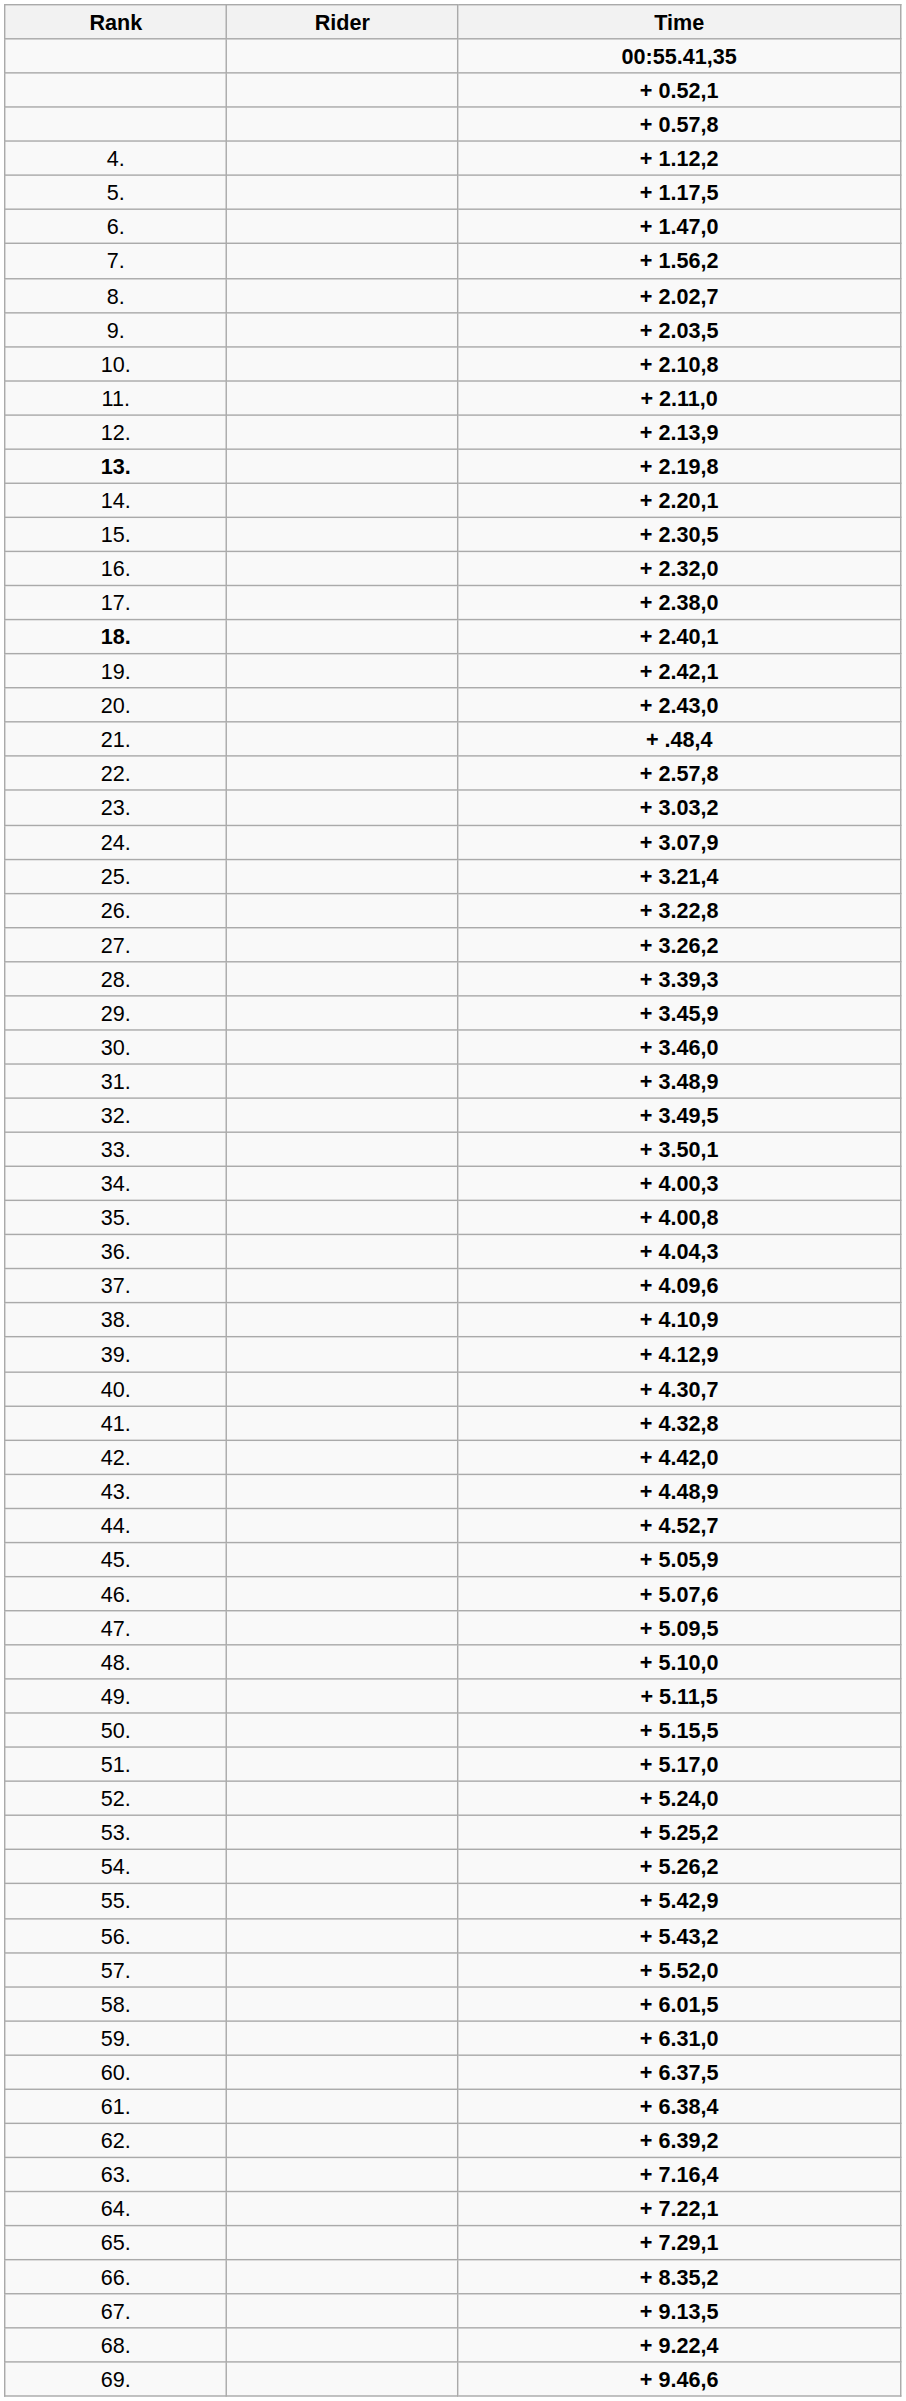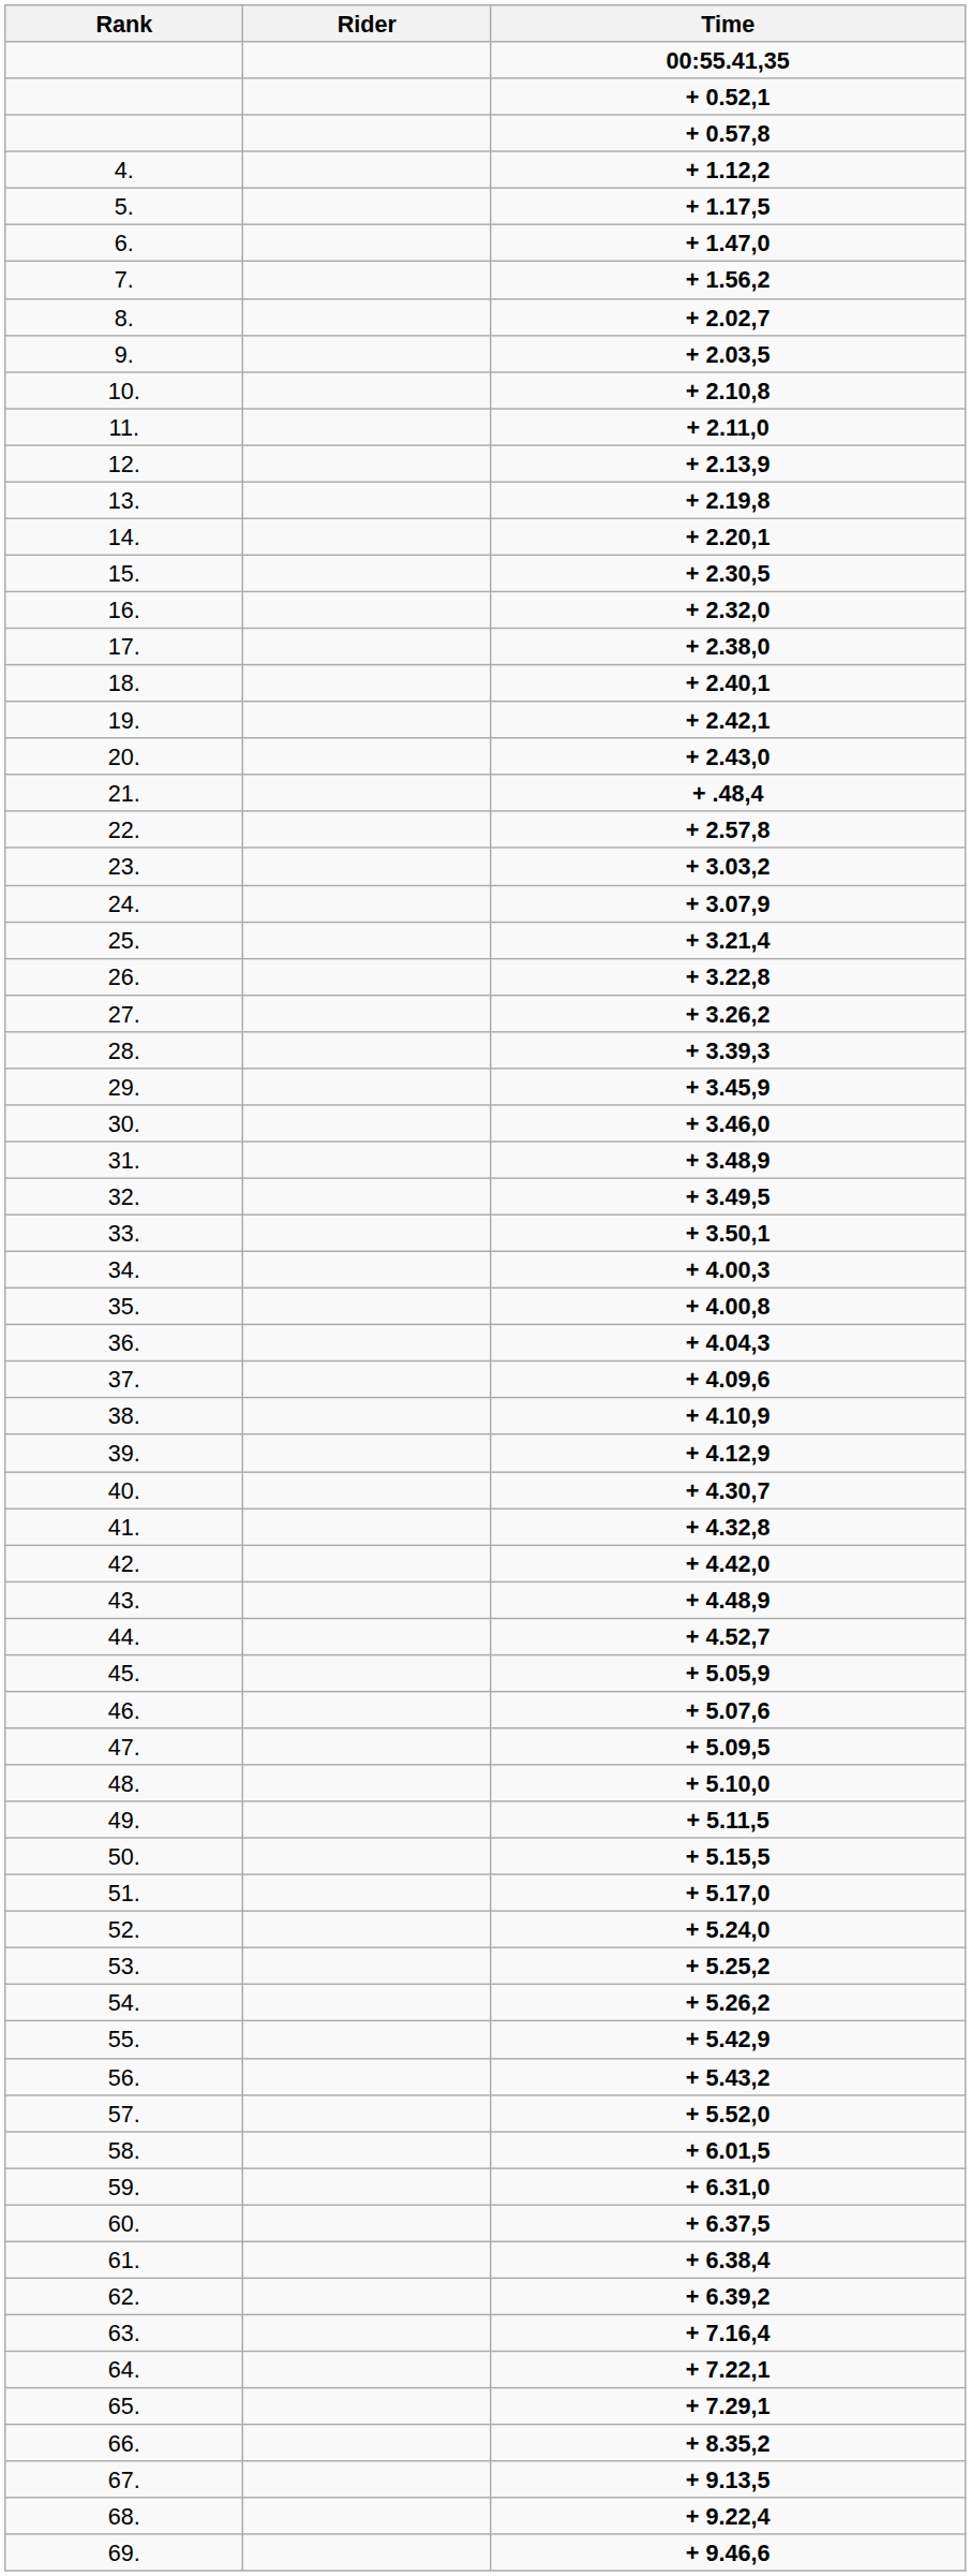 <table class=wikitable style="font-size:95%" width="50%">
 <tr>
 <th>Rank</th>
 <th>Rider</th>
 <th>Time</th>
 </tr>
 <tr>
 <td align="center"></td>
 <td></td>
 <td align="center"><strong>00:55.41,35</strong></td>
 </tr>
 <tr>
 <td align="center"></td>
 <td></td>
 <td align="center"><strong>+ 0.52,1</strong></td>
 </tr>
 <tr>
 <td align="center"></td>
 <td></td>
 <td align="center"><strong>+ 0.57,8</strong></td>
 </tr>
 <tr>
 <td align="center">4.</td>
 <td></td>
 <td align="center"><strong>+ 1.12,2</strong></td>
 </tr>
 <tr>
 <td align="center">5.</td>
 <td></td>
 <td align="center"><strong>+ 1.17,5</strong></td>
 </tr>
 <tr>
 <td align="center">6.</td>
 <td></td>
 <td align="center"><strong>+ 1.47,0</strong></td>
 </tr>
 <tr>
 <td align="center">7.</td>
 <td></td>
 <td align="center"><strong>+ 1.56,2</strong></td>
 </tr>
 <tr>
 <td align="center">8.</td>
 <td></td>
 <td align="center"><strong>+ 2.02,7</strong></td>
 </tr>
 <tr>
 <td align="center">9.</td>
 <td></td>
 <td align="center"><strong>+ 2.03,5</strong></td>
 </tr>
 <tr>
 <td align="center">10.</td>
 <td></td>
 <td align="center"><strong>+ 2.10,8</strong></td>
 </tr>
 <tr>
 <td align="center">11.</td>
 <td></td>
 <td align="center"><strong>+ 2.11,0</strong></td>
 </tr>
 <tr>
 <td align="center">12.</td>
 <td></td>
 <td align="center"><strong>+ 2.13,9</strong></td>
 </tr>
 <tr>
-<td align="center"><strong>13.</strong></td>
+<td align="center">13.</td>
 <td></td>
 <td align="center"><strong>+ 2.19,8</strong></td>
 </tr>
 <tr>
 <td align="center">14.</td>
 <td></td>
 <td align="center"><strong>+ 2.20,1</strong></td>
 </tr>
 <tr>
 <td align="center">15.</td>
 <td></td>
 <td align="center"><strong>+ 2.30,5</strong></td>
 </tr>
 <tr>
 <td align="center">16.</td>
 <td></td>
 <td align="center"><strong>+ 2.32,0</strong></td>
 </tr>
 <tr>
 <td align="center">17.</td>
 <td></td>
 <td align="center"><strong>+ 2.38,0</strong></td>
 </tr>
 <tr>
-<td align="center"><strong>18.</strong></td>
+<td align="center">18.</td>
 <td></td>
 <td align="center"><strong>+ 2.40,1</strong></td>
 </tr>
 <tr>
 <td align="center">19.</td>
 <td></td>
 <td align="center"><strong>+ 2.42,1</strong></td>
 </tr>
 <tr>
 <td align="center">20.</td>
 <td></td>
 <td align="center"><strong>+ 2.43,0</strong></td>
 </tr>
 <tr>
 <td align="center">21.</td>
 <td></td>
 <td align="center"><strong>+ .48,4</strong></td>
 </tr>
 <tr>
 <td align="center">22.</td>
 <td></td>
 <td align="center"><strong>+ 2.57,8</strong></td>
 </tr>
 <tr>
 <td align="center">23.</td>
 <td></td>
 <td align="center"><strong>+ 3.03,2</strong></td>
 </tr>
 <tr>
 <td align="center">24.</td>
 <td></td>
 <td align="center"><strong>+ 3.07,9</strong></td>
 </tr>
 <tr>
 <td align="center">25.</td>
 <td></td>
 <td align="center"><strong>+ 3.21,4</strong></td>
 </tr>
 <tr>
 <td align="center">26.</td>
 <td></td>
 <td align="center"><strong>+ 3.22,8</strong></td>
 </tr>
 <tr>
 <td align="center">27.</td>
 <td></td>
 <td align="center"><strong>+ 3.26,2</strong></td>
 </tr>
 <tr>
 <td align="center">28.</td>
 <td></td>
 <td align="center"><strong>+ 3.39,3</strong></td>
 </tr>
 <tr>
 <td align="center">29.</td>
 <td></td>
 <td align="center"><strong>+ 3.45,9</strong></td>
 </tr>
 <tr>
 <td align="center">30.</td>
 <td></td>
 <td align="center"><strong>+ 3.46,0</strong></td>
 </tr>
 <tr>
 <td align="center">31.</td>
 <td></td>
 <td align="center"><strong>+ 3.48,9</strong></td>
 </tr>
 <tr>
 <td align="center">32.</td>
 <td></td>
 <td align="center"><strong>+ 3.49,5</strong></td>
 </tr>
 <tr>
 <td align="center">33.</td>
 <td></td>
 <td align="center"><strong>+ 3.50,1</strong></td>
 </tr>
 <tr>
 <td align="center">34.</td>
 <td></td>
 <td align="center"><strong>+ 4.00,3</strong></td>
 </tr>
 <tr>
 <td align="center">35.</td>
 <td></td>
 <td align="center"><strong>+ 4.00,8</strong></td>
 </tr>
 <tr>
 <td align="center">36.</td>
 <td></td>
 <td align="center"><strong>+ 4.04,3</strong></td>
 </tr>
 <tr>
 <td align="center">37.</td>
 <td></td>
 <td align="center"><strong>+ 4.09,6</strong></td>
 </tr>
 <tr>
 <td align="center">38.</td>
 <td></td>
 <td align="center"><strong>+ 4.10,9</strong></td>
 </tr>
 <tr>
 <td align="center">39.</td>
 <td></td>
 <td align="center"><strong>+ 4.12,9</strong></td>
 </tr>
 <tr>
 <td align="center">40.</td>
 <td></td>
 <td align="center"><strong>+ 4.30,7</strong></td>
 </tr>
 <tr>
 <td align="center">41.</td>
 <td></td>
 <td align="center"><strong>+ 4.32,8</strong></td>
 </tr>
 <tr>
 <td align="center">42.</td>
 <td></td>
 <td align="center"><strong>+ 4.42,0</strong></td>
 </tr>
 <tr>
 <td align="center">43.</td>
 <td></td>
 <td align="center"><strong>+ 4.48,9</strong></td>
 </tr>
 <tr>
 <td align="center">44.</td>
 <td></td>
 <td align="center"><strong>+ 4.52,7</strong></td>
 </tr>
 <tr>
 <td align="center">45.</td>
 <td></td>
 <td align="center"><strong>+ 5.05,9</strong></td>
 </tr>
 <tr>
 <td align="center">46.</td>
 <td></td>
 <td align="center"><strong>+ 5.07,6</strong></td>
 </tr>
 <tr>
 <td align="center">47.</td>
 <td></td>
 <td align="center"><strong>+ 5.09,5</strong></td>
 </tr>
 <tr>
 <td align="center">48.</td>
 <td></td>
 <td align="center"><strong>+ 5.10,0</strong></td>
 </tr>
 <tr>
 <td align="center">49.</td>
 <td></td>
 <td align="center"><strong>+ 5.11,5</strong></td>
 </tr>
 <tr>
 <td align="center">50.</td>
 <td></td>
 <td align="center"><strong>+ 5.15,5</strong></td>
 </tr>
 <tr>
 <td align="center">51.</td>
 <td></td>
 <td align="center"><strong>+ 5.17,0</strong></td>
 </tr>
 <tr>
 <td align="center">52.</td>
 <td></td>
 <td align="center"><strong>+ 5.24,0</strong></td>
 </tr>
 <tr>
 <td align="center">53.</td>
 <td></td>
 <td align="center"><strong>+ 5.25,2</strong></td>
 </tr>
 <tr>
 <td align="center">54.</td>
 <td></td>
 <td align="center"><strong>+ 5.26,2</strong></td>
 </tr>
 <tr>
 <td align="center">55.</td>
 <td></td>
 <td align="center"><strong>+ 5.42,9</strong></td>
 </tr>
 <tr>
 <td align="center">56.</td>
 <td></td>
 <td align="center"><strong>+ 5.43,2</strong></td>
 </tr>
 <tr>
 <td align="center">57.</td>
 <td></td>
 <td align="center"><strong>+ 5.52,0</strong></td>
 </tr>
 <tr>
 <td align="center">58.</td>
 <td></td>
 <td align="center"><strong>+ 6.01,5</strong></td>
 </tr>
 <tr>
 <td align="center">59.</td>
 <td></td>
 <td align="center"><strong>+ 6.31,0</strong></td>
 </tr>
 <tr>
 <td align="center">60.</td>
 <td></td>
 <td align="center"><strong>+ 6.37,5</strong></td>
 </tr>
 <tr>
 <td align="center">61.</td>
 <td></td>
 <td align="center"><strong>+ 6.38,4</strong></td>
 </tr>
 <tr>
 <td align="center">62.</td>
 <td></td>
 <td align="center"><strong>+ 6.39,2</strong></td>
 </tr>
 <tr>
 <td align="center">63.</td>
 <td></td>
 <td align="center"><strong>+ 7.16,4</strong></td>
 </tr>
 <tr>
 <td align="center">64.</td>
 <td></td>
 <td align="center"><strong>+ 7.22,1</strong></td>
 </tr>
 <tr>
 <td align="center">65.</td>
 <td></td>
 <td align="center"><strong>+ 7.29,1</strong></td>
 </tr>
 <tr>
 <td align="center">66.</td>
 <td></td>
 <td align="center"><strong>+ 8.35,2</strong></td>
 </tr>
 <tr>
 <td align="center">67.</td>
 <td></td>
 <td align="center"><strong>+ 9.13,5</strong></td>
 </tr>
 <tr>
 <td align="center">68.</td>
 <td></td>
 <td align="center"><strong>+ 9.22,4</strong></td>
 </tr>
 <tr>
 <td align="center">69.</td>
 <td></td>
 <td align="center"><strong>+ 9.46,6</strong></td>
 </tr>
 </table>
